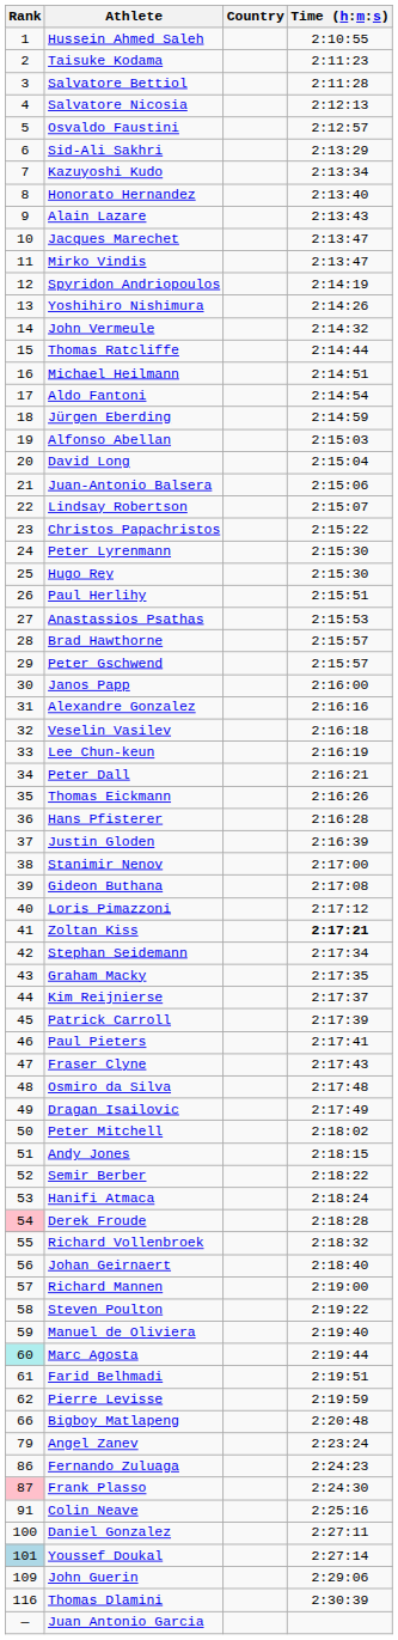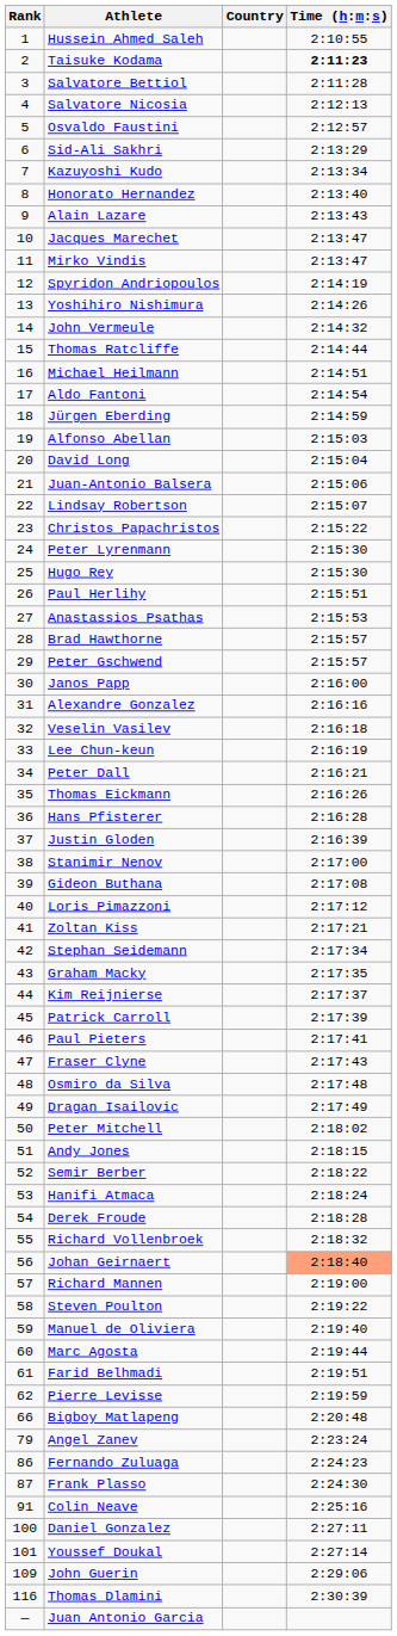 <table class="wikitable sortable" style="text-align:center;">
 <tr>
 <th>Rank</th>
 <th>Athlete</th>
 <th>Country</th>
 <th>Time (<a href='#'>h</a>:<a href='#'>m</a>:<a href='#'>s</a>)</th>
 </tr>
 <tr>
 <td>1</td>
 <td align=left><a href='#'>Hussein Ahmed Saleh</a></td>
 <td align=left></td>
 <td>2:10:55</td>
 </tr>
 <tr>
 <td>2</td>
 <td align=left><a href='#'>Taisuke Kodama</a></td>
 <td align=left></td>
-<td>2:11:23</td>
+<td><strong>2:11:23</strong></td>
 </tr>
 <tr>
 <td>3</td>
 <td align=left><a href='#'>Salvatore Bettiol</a></td>
 <td align=left></td>
 <td>2:11:28</td>
 </tr>
 <tr>
 <td>4</td>
 <td align=left><a href='#'>Salvatore Nicosia</a></td>
 <td align=left></td>
 <td>2:12:13</td>
 </tr>
 <tr>
 <td>5</td>
 <td align=left><a href='#'>Osvaldo Faustini</a></td>
 <td align=left></td>
 <td>2:12:57</td>
 </tr>
 <tr>
 <td>6</td>
 <td align=left><a href='#'>Sid-Ali Sakhri</a></td>
 <td align=left></td>
 <td>2:13:29</td>
 </tr>
 <tr>
 <td>7</td>
 <td align=left><a href='#'>Kazuyoshi Kudo</a></td>
 <td align=left></td>
 <td>2:13:34</td>
 </tr>
 <tr>
 <td>8</td>
 <td align=left><a href='#'>Honorato Hernandez</a></td>
 <td align=left></td>
 <td>2:13:40</td>
 </tr>
 <tr>
 <td>9</td>
 <td align=left><a href='#'>Alain Lazare</a></td>
 <td align=left></td>
 <td>2:13:43</td>
 </tr>
 <tr>
 <td>10</td>
 <td align=left><a href='#'>Jacques Marechet</a></td>
 <td align=left></td>
 <td>2:13:47</td>
 </tr>
 <tr>
 <td>11</td>
 <td align=left><a href='#'>Mirko Vindis</a></td>
 <td align=left></td>
 <td>2:13:47</td>
 </tr>
 <tr>
 <td>12</td>
 <td align=left><a href='#'>Spyridon Andriopoulos</a></td>
 <td align=left></td>
 <td>2:14:19</td>
 </tr>
 <tr>
 <td>13</td>
 <td align=left><a href='#'>Yoshihiro Nishimura</a></td>
 <td align=left></td>
 <td>2:14:26</td>
 </tr>
 <tr>
 <td>14</td>
 <td align=left><a href='#'>John Vermeule</a></td>
 <td align=left></td>
 <td>2:14:32</td>
 </tr>
 <tr>
 <td>15</td>
 <td align=left><a href='#'>Thomas Ratcliffe</a></td>
 <td align=left></td>
 <td>2:14:44</td>
 </tr>
 <tr>
 <td>16</td>
 <td align=left><a href='#'>Michael Heilmann</a></td>
 <td align=left></td>
 <td>2:14:51</td>
 </tr>
 <tr>
 <td>17</td>
 <td align=left><a href='#'>Aldo Fantoni</a></td>
 <td align=left></td>
 <td>2:14:54</td>
 </tr>
 <tr>
 <td>18</td>
 <td align=left><a href='#'>Jürgen Eberding</a></td>
 <td align=left></td>
 <td>2:14:59</td>
 </tr>
 <tr>
 <td>19</td>
 <td align=left><a href='#'>Alfonso Abellan</a></td>
 <td align=left></td>
 <td>2:15:03</td>
 </tr>
 <tr>
 <td>20</td>
 <td align=left><a href='#'>David Long</a></td>
 <td align=left></td>
 <td>2:15:04</td>
 </tr>
 <tr>
 <td>21</td>
 <td align=left><a href='#'>Juan-Antonio Balsera</a></td>
 <td align=left></td>
 <td>2:15:06</td>
 </tr>
 <tr>
 <td>22</td>
 <td align=left><a href='#'>Lindsay Robertson</a></td>
 <td align=left></td>
 <td>2:15:07</td>
 </tr>
 <tr>
 <td>23</td>
 <td align=left><a href='#'>Christos Papachristos</a></td>
 <td align=left></td>
 <td>2:15:22</td>
 </tr>
 <tr>
 <td>24</td>
 <td align=left><a href='#'>Peter Lyrenmann</a></td>
 <td align=left></td>
 <td>2:15:30</td>
 </tr>
 <tr>
 <td>25</td>
 <td align=left><a href='#'>Hugo Rey</a></td>
 <td align=left></td>
 <td>2:15:30</td>
 </tr>
 <tr>
 <td>26</td>
 <td align=left><a href='#'>Paul Herlihy</a></td>
 <td align=left></td>
 <td>2:15:51</td>
 </tr>
 <tr>
 <td>27</td>
 <td align=left><a href='#'>Anastassios Psathas</a></td>
 <td align=left></td>
 <td>2:15:53</td>
 </tr>
 <tr>
 <td>28</td>
 <td align=left><a href='#'>Brad Hawthorne</a></td>
 <td align=left></td>
 <td>2:15:57</td>
 </tr>
 <tr>
 <td>29</td>
 <td align=left><a href='#'>Peter Gschwend</a></td>
 <td align=left></td>
 <td>2:15:57</td>
 </tr>
 <tr>
 <td>30</td>
 <td align=left><a href='#'>Janos Papp</a></td>
 <td align=left></td>
 <td>2:16:00</td>
 </tr>
 <tr>
 <td>31</td>
 <td align=left><a href='#'>Alexandre Gonzalez</a></td>
 <td align=left></td>
 <td>2:16:16</td>
 </tr>
 <tr>
 <td>32</td>
 <td align=left><a href='#'>Veselin Vasilev</a></td>
 <td align=left></td>
 <td>2:16:18</td>
 </tr>
 <tr>
 <td>33</td>
 <td align=left><a href='#'>Lee Chun-keun</a></td>
 <td align=left></td>
 <td>2:16:19</td>
 </tr>
 <tr>
 <td>34</td>
 <td align=left><a href='#'>Peter Dall</a></td>
 <td align=left></td>
 <td>2:16:21</td>
 </tr>
 <tr>
 <td>35</td>
 <td align=left><a href='#'>Thomas Eickmann</a></td>
 <td align=left></td>
 <td>2:16:26</td>
 </tr>
 <tr>
 <td>36</td>
 <td align=left><a href='#'>Hans Pfisterer</a></td>
 <td align=left></td>
 <td>2:16:28</td>
 </tr>
 <tr>
 <td>37</td>
 <td align=left><a href='#'>Justin Gloden</a></td>
 <td align=left></td>
 <td>2:16:39</td>
 </tr>
 <tr>
 <td>38</td>
 <td align=left><a href='#'>Stanimir Nenov</a></td>
 <td align=left></td>
 <td>2:17:00</td>
 </tr>
 <tr>
 <td>39</td>
 <td align=left><a href='#'>Gideon Buthana</a></td>
 <td align=left></td>
 <td>2:17:08</td>
 </tr>
 <tr>
 <td>40</td>
 <td align=left><a href='#'>Loris Pimazzoni</a></td>
 <td align=left></td>
 <td>2:17:12</td>
 </tr>
 <tr>
 <td>41</td>
 <td align=left><a href='#'>Zoltan Kiss</a></td>
 <td align=left></td>
-<td><strong>2:17:21</strong></td>
+<td>2:17:21</td>
 </tr>
 <tr>
 <td>42</td>
 <td align=left><a href='#'>Stephan Seidemann</a></td>
 <td align=left></td>
 <td>2:17:34</td>
 </tr>
 <tr>
 <td>43</td>
 <td align=left><a href='#'>Graham Macky</a></td>
 <td align=left></td>
 <td>2:17:35</td>
 </tr>
 <tr>
 <td>44</td>
 <td align=left><a href='#'>Kim Reijnierse</a></td>
 <td align=left></td>
 <td>2:17:37</td>
 </tr>
 <tr>
 <td>45</td>
 <td align=left><a href='#'>Patrick Carroll</a></td>
 <td align=left></td>
 <td>2:17:39</td>
 </tr>
 <tr>
 <td>46</td>
 <td align=left><a href='#'>Paul Pieters</a></td>
 <td align=left></td>
 <td>2:17:41</td>
 </tr>
 <tr>
 <td>47</td>
 <td align=left><a href='#'>Fraser Clyne</a></td>
 <td align=left></td>
 <td>2:17:43</td>
 </tr>
 <tr>
 <td>48</td>
 <td align=left><a href='#'>Osmiro da Silva</a></td>
 <td align=left></td>
 <td>2:17:48</td>
 </tr>
 <tr>
 <td>49</td>
 <td align=left><a href='#'>Dragan Isailovic</a></td>
 <td align=left></td>
 <td>2:17:49</td>
 </tr>
 <tr>
 <td>50</td>
 <td align=left><a href='#'>Peter Mitchell</a></td>
 <td align=left></td>
 <td>2:18:02</td>
 </tr>
 <tr>
 <td>51</td>
 <td align=left><a href='#'>Andy Jones</a></td>
 <td align=left></td>
 <td>2:18:15</td>
 </tr>
 <tr>
 <td>52</td>
 <td align=left><a href='#'>Semir Berber</a></td>
 <td align=left></td>
 <td>2:18:22</td>
 </tr>
 <tr>
 <td>53</td>
 <td align=left><a href='#'>Hanifi Atmaca</a></td>
 <td align=left></td>
 <td>2:18:24</td>
 </tr>
 <tr>
-<td style="background: pink;">54</td>
+<td>54</td>
 <td align=left><a href='#'>Derek Froude</a></td>
 <td align=left></td>
 <td>2:18:28</td>
 </tr>
 <tr>
 <td>55</td>
 <td align=left><a href='#'>Richard Vollenbroek</a></td>
 <td align=left></td>
 <td>2:18:32</td>
 </tr>
 <tr>
 <td>56</td>
 <td align=left><a href='#'>Johan Geirnaert</a></td>
 <td align=left></td>
-<td>2:18:40</td>
+<td style="background: lightsalmon;">2:18:40</td>
 </tr>
 <tr>
 <td>57</td>
 <td align=left><a href='#'>Richard Mannen</a></td>
 <td align=left></td>
 <td>2:19:00</td>
 </tr>
 <tr>
 <td>58</td>
 <td align=left><a href='#'>Steven Poulton</a></td>
 <td align=left></td>
 <td>2:19:22</td>
 </tr>
 <tr>
 <td>59</td>
 <td align=left><a href='#'>Manuel de Oliviera</a></td>
 <td align=left></td>
 <td>2:19:40</td>
 </tr>
 <tr>
-<td style="background: paleturquoise;">60</td>
+<td>60</td>
 <td align=left><a href='#'>Marc Agosta</a></td>
 <td align=left></td>
 <td>2:19:44</td>
 </tr>
 <tr>
 <td>61</td>
 <td align=left><a href='#'>Farid Belhmadi</a></td>
 <td align=left></td>
 <td>2:19:51</td>
 </tr>
 <tr>
 <td>62</td>
 <td align=left><a href='#'>Pierre Levisse</a></td>
 <td align=left></td>
 <td>2:19:59</td>
 </tr>
 <tr>
 <td>66</td>
 <td align=left><a href='#'>Bigboy Matlapeng</a></td>
 <td align=left></td>
 <td>2:20:48</td>
 </tr>
 <tr>
 <td>79</td>
 <td align=left><a href='#'>Angel Zanev</a></td>
 <td align=left></td>
 <td>2:23:24</td>
 </tr>
 <tr>
 <td>86</td>
 <td align=left><a href='#'>Fernando Zuluaga</a></td>
 <td align=left></td>
 <td>2:24:23</td>
 </tr>
 <tr>
-<td style="background: pink;">87</td>
+<td>87</td>
 <td align=left><a href='#'>Frank Plasso</a></td>
 <td align=left></td>
 <td>2:24:30</td>
 </tr>
 <tr>
 <td>91</td>
 <td align=left><a href='#'>Colin Neave</a></td>
 <td align=left></td>
 <td>2:25:16</td>
 </tr>
 <tr>
 <td>100</td>
 <td align=left><a href='#'>Daniel Gonzalez</a></td>
 <td align=left></td>
 <td>2:27:11</td>
 </tr>
 <tr>
-<td style="background: lightblue;">101</td>
+<td>101</td>
 <td align=left><a href='#'>Youssef Doukal</a></td>
 <td align=left></td>
 <td>2:27:14</td>
 </tr>
 <tr>
 <td>109</td>
 <td align=left><a href='#'>John Guerin</a></td>
 <td align=left></td>
 <td>2:29:06</td>
 </tr>
 <tr>
 <td>116</td>
 <td align=left><a href='#'>Thomas Dlamini</a></td>
 <td align=left></td>
 <td>2:30:39</td>
 </tr>
 <tr>
 <td>—</td>
 <td align=left><a href='#'>Juan Antonio Garcia</a></td>
 <td align=left></td>
 <td></td>
 </tr>
 </table>
